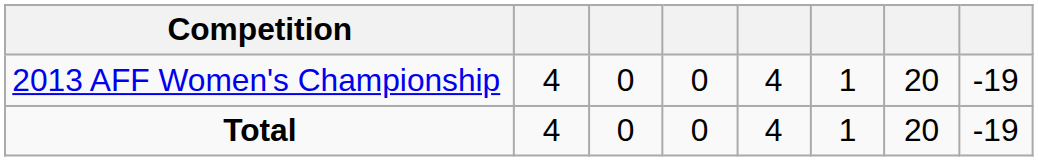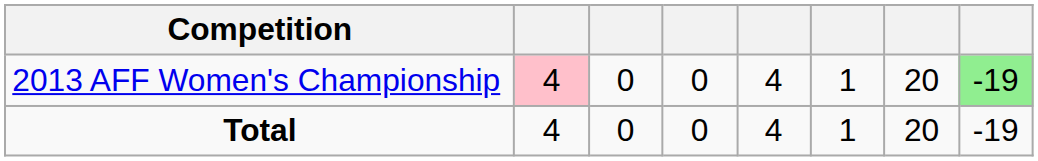 <table class="wikitable" style="text-align: center;">
 <tr>
 <th width=250>Competition</th>
 <th width=30></th>
 <th width=30></th>
 <th width=30></th>
 <th width=30></th>
 <th width=30></th>
 <th width=30></th>
 <th width=30></th>
 </tr>
 <tr>
 <td align="left"><a href='#'>2013 AFF Women's Championship</a></td>
-<td>4</td>
+<td style="background: pink;">4</td>
 <td>0</td>
 <td>0</td>
 <td>4</td>
 <td>1</td>
 <td>20</td>
-<td>-19</td>
+<td style="background: lightgreen;">-19</td>
 </tr>
 <tr>
 <td><strong>Total</strong></td>
 <td>4</td>
 <td>0</td>
 <td>0</td>
 <td>4</td>
 <td>1</td>
 <td>20</td>
 <td>-19</td>
 </tr>
 </table>
